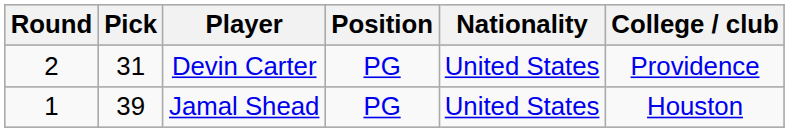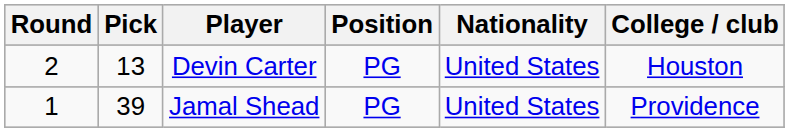 <table class="wikitable sortable sortable">
 <tr>
 <th>Round</th>
 <th>Pick</th>
 <th>Player</th>
 <th>Position</th>
 <th>Nationality</th>
 <th>College / club</th>
 </tr>
 <tr style="text-align: center">
 <td>2</td>
-<td>31</td>
+<td>13</td>
 <td><a href='#'>Devin Carter</a></td>
 <td><a href='#'>PG</a></td>
 <td> <a href='#'>United States</a></td>
-<td><a href='#'>Providence</a></td>
+<td><a href='#'>Houston</a></td>
 </tr>
 <tr style="text-align: center">
 <td>1</td>
 <td>39</td>
 <td><a href='#'>Jamal Shead</a></td>
 <td><a href='#'>PG</a></td>
 <td> <a href='#'>United States</a></td>
-<td><a href='#'>Houston</a></td>
+<td><a href='#'>Providence</a></td>
 </tr>
 </table>
